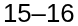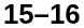 <table style="text-align:center">
 <tr>
 <th width=200></th>
 <th width=100></th>
 <th width=200></th>
 </tr>
 <tr>
 <td align=right></td>
-<td>15–16</td>
+<td><strong>15–16</strong></td>
 <td align=left><strong></strong></td>
 </tr>
 </table>
